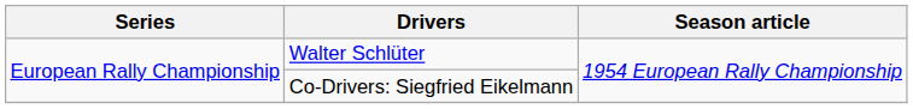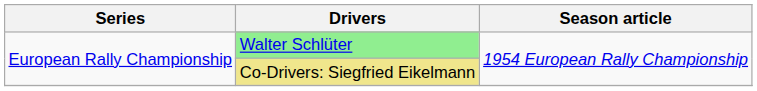 <table class="wikitable" style="font-size: 87%;">
 <tr>
 <th>Series</th>
 <th>Drivers</th>
 <th>Season article</th>
 </tr>
 <tr>
 <td rowspan=2><a href='#'>European Rally Championship</a></td>
-<td> <a href='#'>Walter Schlüter</a></td>
+<td style="background: lightgreen;"> <a href='#'>Walter Schlüter</a></td>
 <td rowspan=2><em><a href='#'>1954 European Rally Championship</a></em></td>
 </tr>
 <tr>
-<td>Co-Drivers:  Siegfried Eikelmann</td>
+<td style="background: khaki;">Co-Drivers:  Siegfried Eikelmann</td>
 </tr>
 <tr>
 </tr>
 </table>
